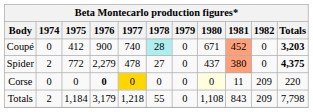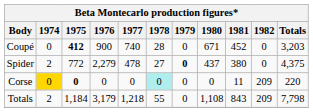 <table class="wikitable" style="text-align:center; font-size:90%;">
 <tr>
 <th colspan=15>Beta Montecarlo production figures*</th>
 </tr>
 <tr>
 <th>Body</th>
 <th>1974</th>
 <th>1975</th>
 <th>1976</th>
 <th>1977</th>
 <th>1978</th>
 <th>1979</th>
 <th>1980</th>
 <th>1981</th>
 <th>1982</th>
 <th>Totals</th>
 </tr>
 <tr>
 <td>Coupé</td>
 <td>0</td>
-<td>412</td>
+<td><strong>412</strong></td>
 <td>900</td>
 <td>740</td>
-<td style="background: paleturquoise;">28</td>
+<td>28</td>
 <td>0</td>
 <td>671</td>
-<td style="background: lightsalmon;">452</td>
+<td>452</td>
 <td>0</td>
-<td><strong>3,203</strong></td>
+<td>3,203</td>
 </tr>
 <tr>
 <td>Spider</td>
 <td>2</td>
 <td>772</td>
 <td>2,279</td>
 <td>478</td>
 <td>27</td>
+<td><strong>0</strong></td>
+<td>437</td>
+<td>380</td>
 <td>0</td>
-<td>437</td>
-<td style="background: lightsalmon;">380</td>
-<td>0</td>
-<td><strong>4,375</strong></td>
+<td>4,375</td>
 </tr>
 <tr>
 <td>Corse</td>
+<td style="background: gold;">0</td>
+<td><strong>0</strong></td>
 <td>0</td>
 <td>0</td>
-<td><strong>0</strong></td>
-<td style="background: gold;">0</td>
+<td style="background: paleturquoise;">0</td>
 <td>0</td>
 <td>0</td>
-<td style="background: lightyellow;">0</td>
 <td>11</td>
 <td>209</td>
 <td>220</td>
 </tr>
 <tr>
 <td>Totals</td>
 <td>2</td>
 <td>1,184</td>
 <td>3,179</td>
 <td>1,218</td>
 <td>55</td>
 <td>0</td>
 <td>1,108</td>
 <td>843</td>
 <td>209</td>
 <td>7,798</td>
 </tr>
 <tr>
 </tr>
 </table>
